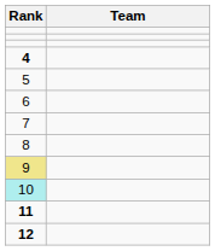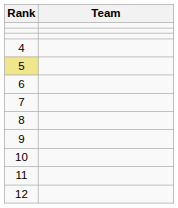 <table class="wikitable" style="text-align: center;">
 <tr>
 <th width=40>Rank</th>
 <th width=180>Team</th>
 </tr>
 <tr align=center>
 <td></td>
 <td style="text-align:left;"></td>
 </tr>
 <tr align=center>
 <td></td>
 <td style="text-align:left;"></td>
 </tr>
 <tr align=center>
 <td></td>
 <td style="text-align:left;"></td>
 </tr>
 <tr align=center>
-<td><strong>4</strong></td>
+<td>4</td>
 <td style="text-align:left;"></td>
 </tr>
 <tr align=center>
-<td>5</td>
+<td style="background: khaki;">5</td>
 <td style="text-align:left;"></td>
 </tr>
 <tr align=center>
 <td>6</td>
 <td style="text-align:left;"></td>
 </tr>
 <tr align=center>
 <td>7</td>
 <td style="text-align:left;"></td>
 </tr>
 <tr align=center>
 <td>8</td>
 <td style="text-align:left;"></td>
 </tr>
 <tr align=center>
-<td style="background: khaki;">9</td>
+<td>9</td>
 <td style="text-align:left;"></td>
 </tr>
 <tr align=center>
-<td style="background: paleturquoise;">10</td>
+<td>10</td>
 <td style="text-align:left;"></td>
 </tr>
 <tr align=center>
-<td><strong>11</strong></td>
+<td>11</td>
 <td style="text-align:left;"></td>
 </tr>
 <tr align=center>
-<td><strong>12</strong></td>
+<td>12</td>
 <td style="text-align:left;"></td>
 </tr>
 </table>
